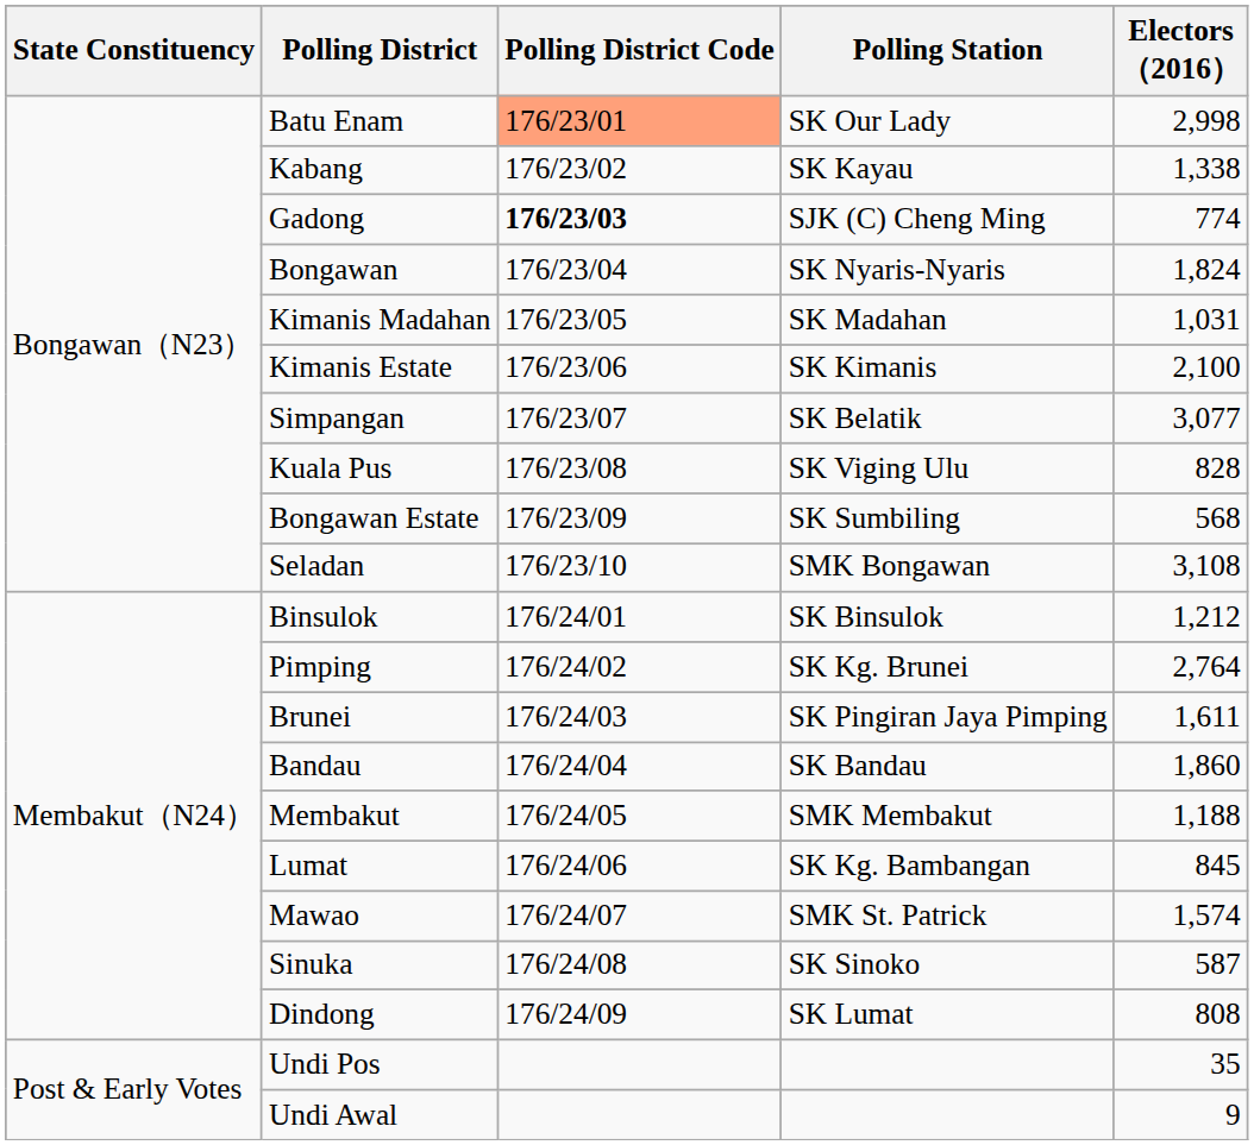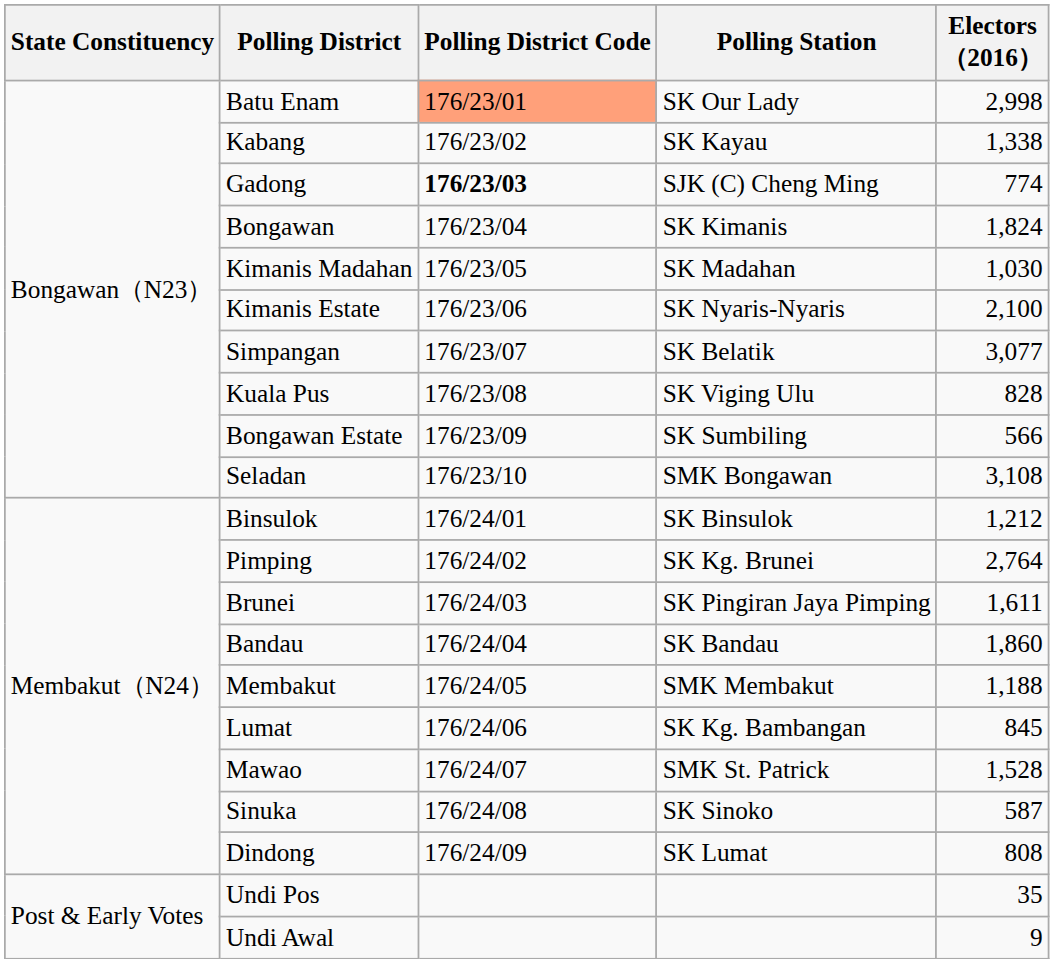 <table class="wikitable sortable mw-collapsible" style="white-space:nowrap;font-size:90%">
 <tr>
 <th>State Constituency</th>
 <th>Polling District</th>
 <th>Polling District Code</th>
 <th>Polling Station</th>
 <th>Electors<br>（2016）</th>
 </tr>
 <tr>
 <td rowspan="10">Bongawan（N23）</td>
 <td>Batu Enam</td>
 <td style="background: lightsalmon;">176/23/01</td>
 <td>SK Our Lady</td>
 <td align="right">2,998</td>
 </tr>
 <tr>
 <td>Kabang</td>
 <td>176/23/02</td>
 <td>SK Kayau</td>
 <td align="right">1,338</td>
 </tr>
 <tr>
 <td>Gadong</td>
 <td><strong>176/23/03</strong></td>
 <td>SJK (C) Cheng Ming</td>
 <td align="right">774</td>
 </tr>
 <tr>
 <td>Bongawan</td>
 <td>176/23/04</td>
-<td>SK Nyaris-Nyaris</td>
+<td>SK Kimanis</td>
 <td align="right">1,824</td>
 </tr>
 <tr>
 <td>Kimanis Madahan</td>
 <td>176/23/05</td>
 <td>SK Madahan</td>
-<td align="right">1,031</td>
+<td align="right">1,030</td>
 </tr>
 <tr>
 <td>Kimanis Estate</td>
 <td>176/23/06</td>
-<td>SK Kimanis</td>
+<td>SK Nyaris-Nyaris</td>
 <td align="right">2,100</td>
 </tr>
 <tr>
 <td>Simpangan</td>
 <td>176/23/07</td>
 <td>SK Belatik</td>
 <td align="right">3,077</td>
 </tr>
 <tr>
 <td>Kuala Pus</td>
 <td>176/23/08</td>
 <td>SK Viging Ulu</td>
 <td align="right">828</td>
 </tr>
 <tr>
 <td>Bongawan Estate</td>
 <td>176/23/09</td>
 <td>SK Sumbiling</td>
-<td align="right">568</td>
+<td align="right">566</td>
 </tr>
 <tr>
 <td>Seladan</td>
 <td>176/23/10</td>
 <td>SMK Bongawan</td>
 <td align="right">3,108</td>
 </tr>
 <tr>
 <td rowspan="9">Membakut（N24）</td>
 <td>Binsulok</td>
 <td>176/24/01</td>
 <td>SK Binsulok</td>
 <td align="right">1,212</td>
 </tr>
 <tr>
 <td>Pimping</td>
 <td>176/24/02</td>
 <td>SK Kg. Brunei</td>
 <td align="right">2,764</td>
 </tr>
 <tr>
 <td>Brunei</td>
 <td>176/24/03</td>
 <td>SK Pingiran Jaya Pimping</td>
 <td align="right">1,611</td>
 </tr>
 <tr>
 <td>Bandau</td>
 <td>176/24/04</td>
 <td>SK Bandau</td>
 <td align="right">1,860</td>
 </tr>
 <tr>
 <td>Membakut</td>
 <td>176/24/05</td>
 <td>SMK Membakut</td>
 <td align="right">1,188</td>
 </tr>
 <tr>
 <td>Lumat</td>
 <td>176/24/06</td>
 <td>SK Kg. Bambangan</td>
 <td align="right">845</td>
 </tr>
 <tr>
 <td>Mawao</td>
 <td>176/24/07</td>
 <td>SMK St. Patrick</td>
-<td align="right">1,574</td>
+<td align="right">1,528</td>
 </tr>
 <tr>
 <td>Sinuka</td>
 <td>176/24/08</td>
 <td>SK Sinoko</td>
 <td align="right">587</td>
 </tr>
 <tr>
 <td>Dindong</td>
 <td>176/24/09</td>
 <td>SK Lumat</td>
 <td align="right">808</td>
 </tr>
 <tr>
 <td rowspan="10">Post & Early Votes</td>
 <td>Undi Pos</td>
 <td></td>
 <td></td>
 <td align="right">35</td>
 </tr>
 <tr>
 <td>Undi Awal</td>
 <td></td>
 <td></td>
 <td align="right">9</td>
 </tr>
 </table>
